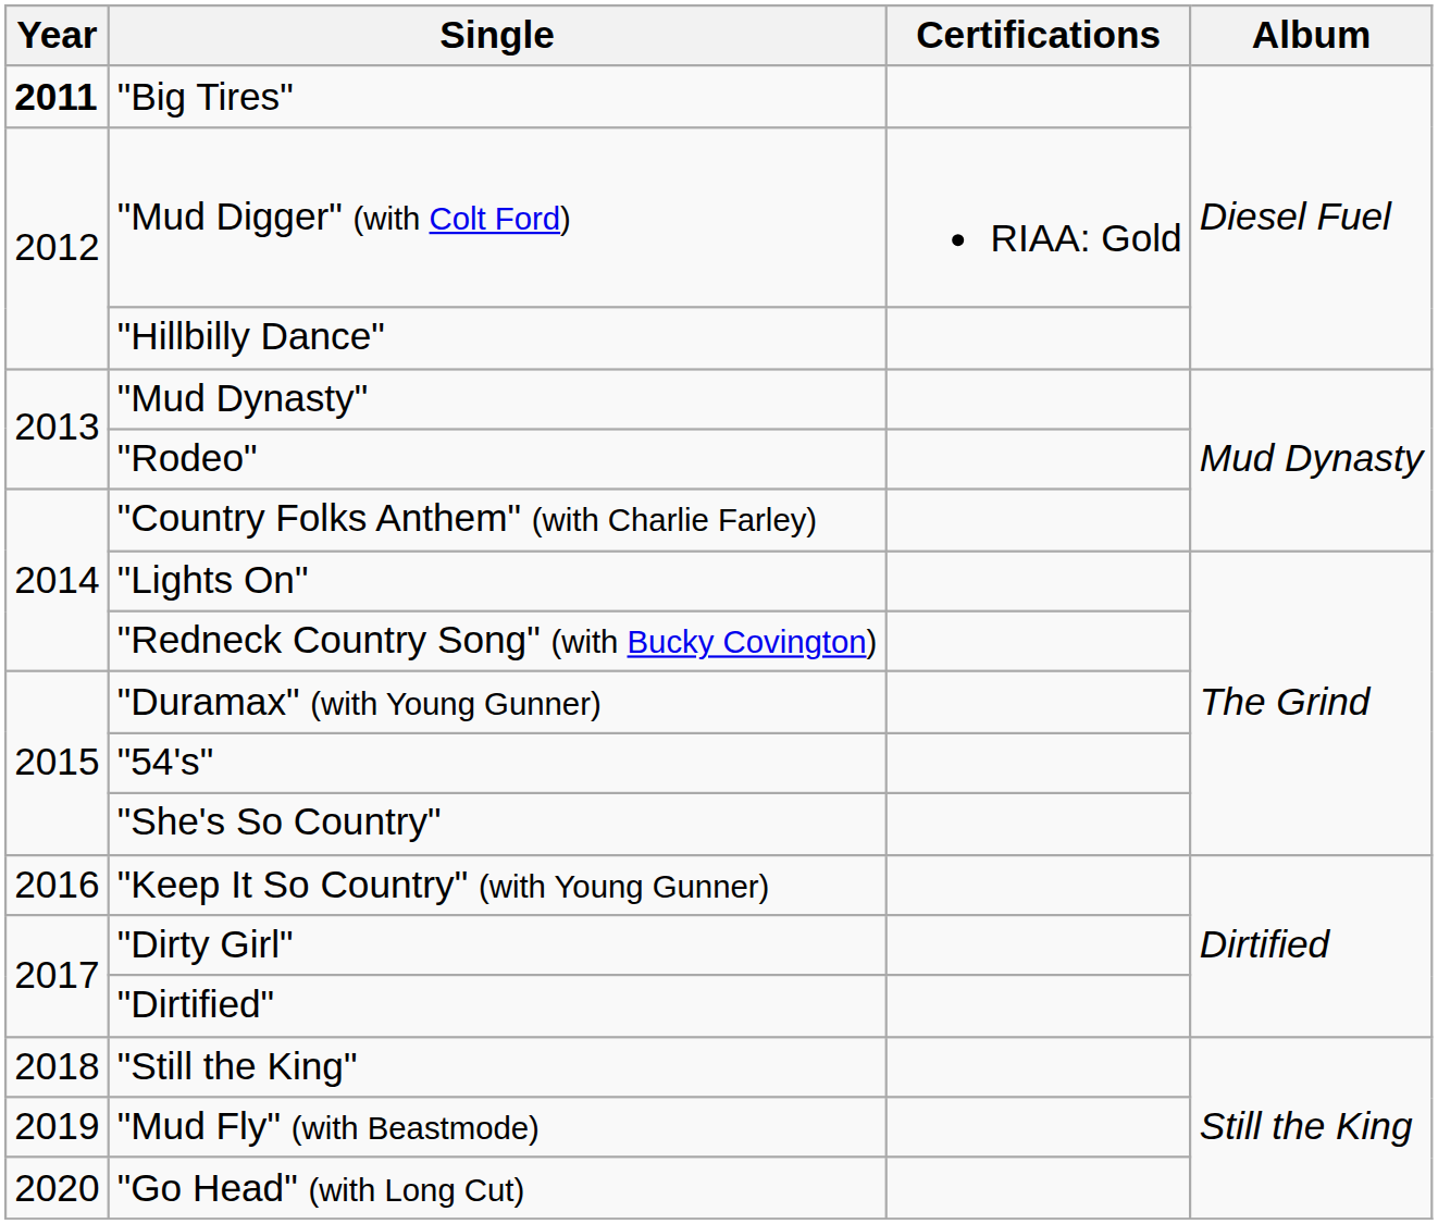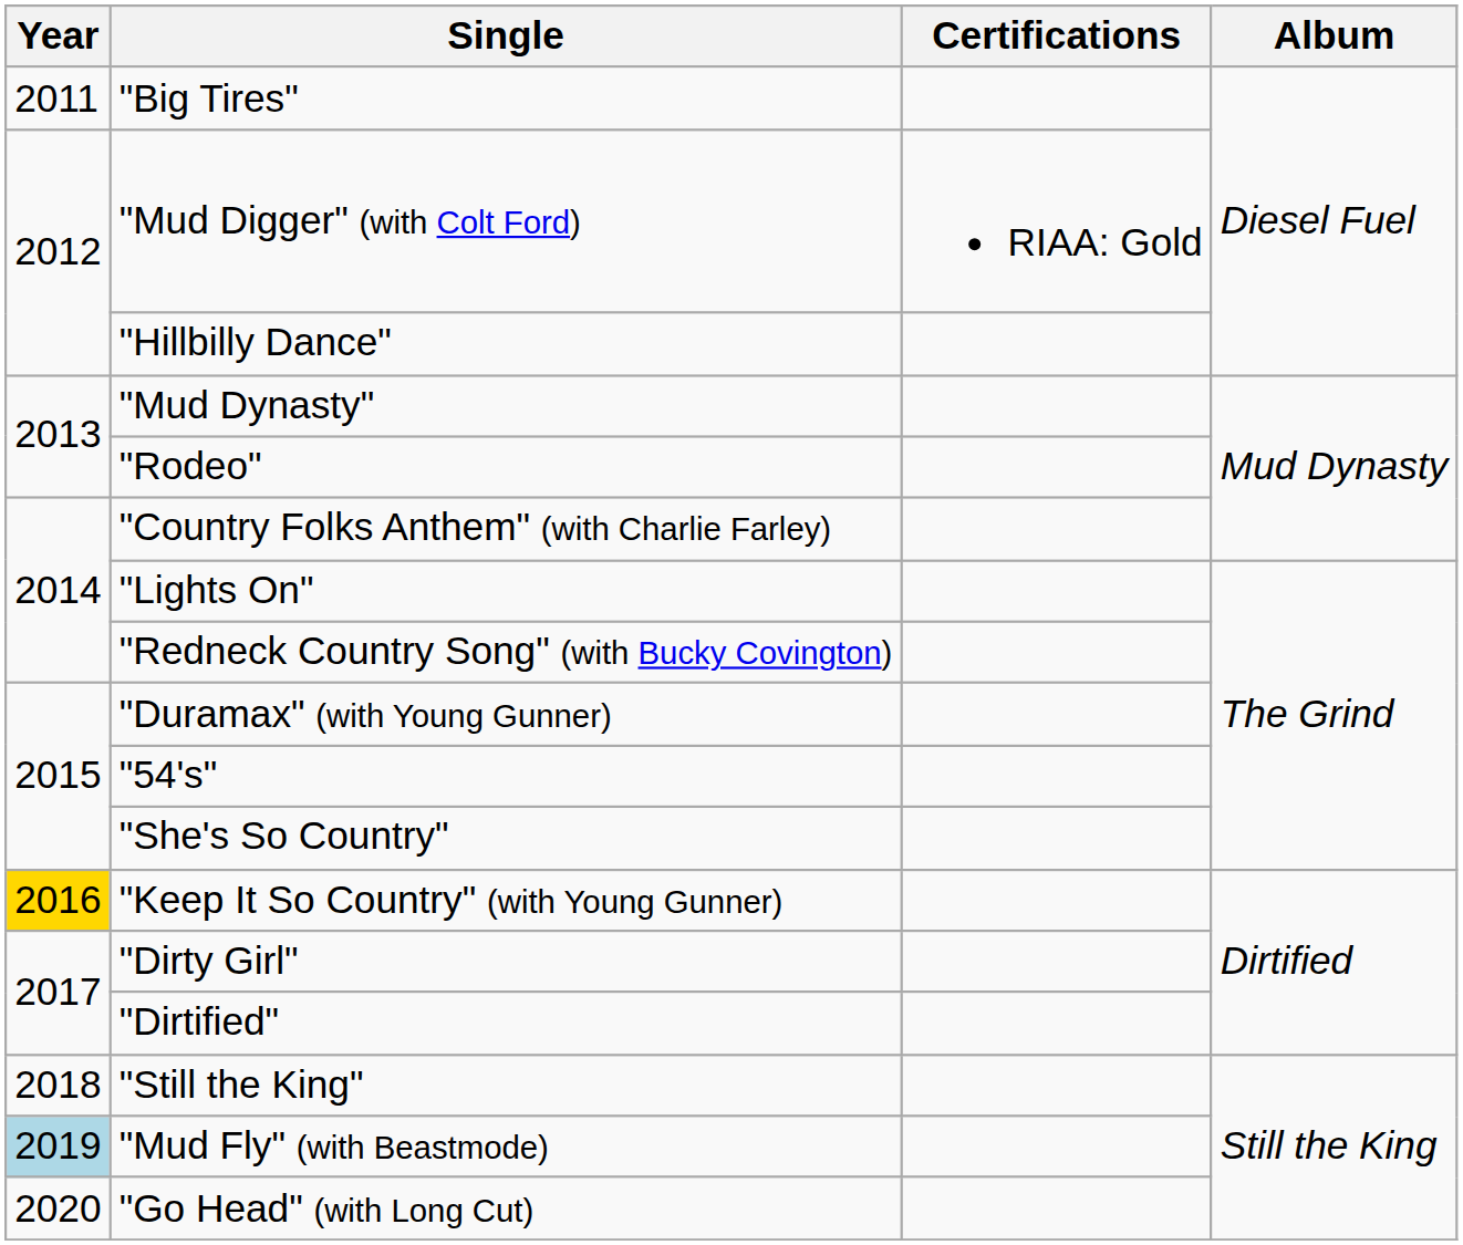 <table class="wikitable">
 <tr>
 <th>Year</th>
 <th>Single</th>
 <th>Certifications</th>
 <th>Album</th>
 </tr>
 <tr>
-<td><strong>2011</strong></td>
+<td>2011</td>
 <td>"Big Tires"</td>
 <td></td>
 <td rowspan="3"><em>Diesel Fuel</em></td>
 </tr>
 <tr>
 <td rowspan="2">2012</td>
 <td>"Mud Digger" <small>(with <a href='#'>Colt Ford</a>)</small></td>
 <td><br><ul><li>RIAA: Gold</li></ul></td>
 </tr>
 <tr>
 <td>"Hillbilly Dance"</td>
 <td></td>
 </tr>
 <tr>
 <td rowspan="2">2013</td>
 <td>"Mud Dynasty"</td>
 <td></td>
 <td rowspan="3"><em>Mud Dynasty</em></td>
 </tr>
 <tr>
 <td>"Rodeo"</td>
 <td></td>
 </tr>
 <tr>
 <td rowspan="3">2014</td>
 <td>"Country Folks Anthem" <small>(with Charlie Farley)</small></td>
 <td></td>
 </tr>
 <tr>
 <td>"Lights On"</td>
 <td></td>
 <td rowspan="5"><em>The Grind</em></td>
 </tr>
 <tr>
 <td>"Redneck Country Song" <small>(with <a href='#'>Bucky Covington</a>)</small></td>
 <td></td>
 </tr>
 <tr>
 <td rowspan="3">2015</td>
 <td>"Duramax" <small>(with Young Gunner)</small></td>
 <td></td>
 </tr>
 <tr>
 <td>"54's"</td>
 <td></td>
 </tr>
 <tr>
 <td>"She's So Country"</td>
 <td></td>
 </tr>
 <tr>
-<td>2016</td>
+<td style="background: gold;">2016</td>
 <td>"Keep It So Country" <small>(with Young Gunner)</small></td>
 <td></td>
 <td rowspan="3"><em>Dirtified</em></td>
 </tr>
 <tr>
 <td rowspan="2">2017</td>
 <td>"Dirty Girl"</td>
 <td></td>
 </tr>
 <tr>
 <td>"Dirtified"</td>
 <td></td>
 </tr>
 <tr>
 <td>2018</td>
 <td>"Still the King"</td>
 <td></td>
 <td rowspan="3"><em>Still the King</em></td>
 </tr>
 <tr>
-<td>2019</td>
+<td style="background: lightblue;">2019</td>
 <td>"Mud Fly" <small>(with Beastmode)</small></td>
 <td></td>
 </tr>
 <tr>
 <td>2020</td>
 <td>"Go Head" <small>(with Long Cut)</small></td>
 <td></td>
 </tr>
 <tr>
 </tr>
 </table>
